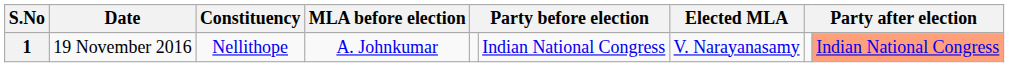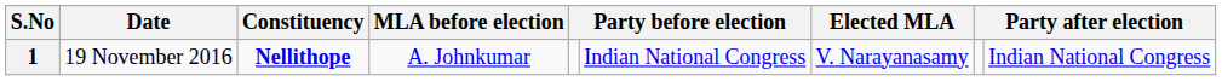 <table class="wikitable sortable" style="text-align:center;">
 <tr>
 <th>S.No</th>
 <th>Date</th>
 <th>Constituency</th>
 <th>MLA before election</th>
 <th colspan="2">Party before election</th>
 <th>Elected MLA</th>
 <th colspan="2">Party after election</th>
 </tr>
 <tr>
 <th>1</th>
 <td>19 November 2016</td>
-<td><a href='#'>Nellithope</a></td>
+<td><strong><a href='#'>Nellithope</a></strong></td>
 <td><a href='#'>A. Johnkumar</a></td>
 <td></td>
 <td><a href='#'>Indian National Congress</a></td>
 <td><a href='#'>V. Narayanasamy</a></td>
 <td></td>
-<td style="background: lightsalmon;"><a href='#'>Indian National Congress</a></td>
+<td><a href='#'>Indian National Congress</a></td>
 </tr>
 </table>
